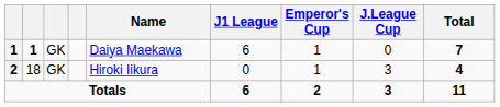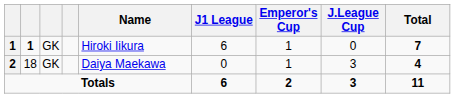 <table class="wikitable" style="text-align:center">
 <tr>
 <th width=15></th>
 <th width=15></th>
 <th width=15></th>
 <th width=15></th>
 <th width=145>Name</th>
 <th width=80><a href='#'>J1 League</a></th>
 <th width=80><a href='#'>Emperor's Cup</a></th>
 <th width=80><a href='#'>J.League Cup</a></th>
 <th width=80>Total</th>
 </tr>
 <tr>
 <th rowspan=1>1</th>
 <td><strong>1</strong></td>
 <td>GK</td>
 <td></td>
-<td align=left><a href='#'>Daiya Maekawa</a></td>
+<td align=left><a href='#'>Hiroki Iikura</a></td>
 <td>6</td>
 <td>1</td>
 <td>0</td>
 <td><strong>7</strong></td>
 </tr>
 <tr>
 <th rowspan=1>2</th>
 <td>18</td>
 <td>GK</td>
 <td></td>
-<td align=left><a href='#'>Hiroki Iikura</a></td>
+<td align=left><a href='#'>Daiya Maekawa</a></td>
 <td>0</td>
 <td>1</td>
 <td>3</td>
 <td><strong>4</strong></td>
 </tr>
 <tr>
 <td colspan=5><strong>Totals</strong></td>
 <td><strong>6</strong></td>
 <td><strong>2</strong></td>
 <td><strong>3</strong></td>
 <td><strong>11</strong></td>
 </tr>
 </table>
